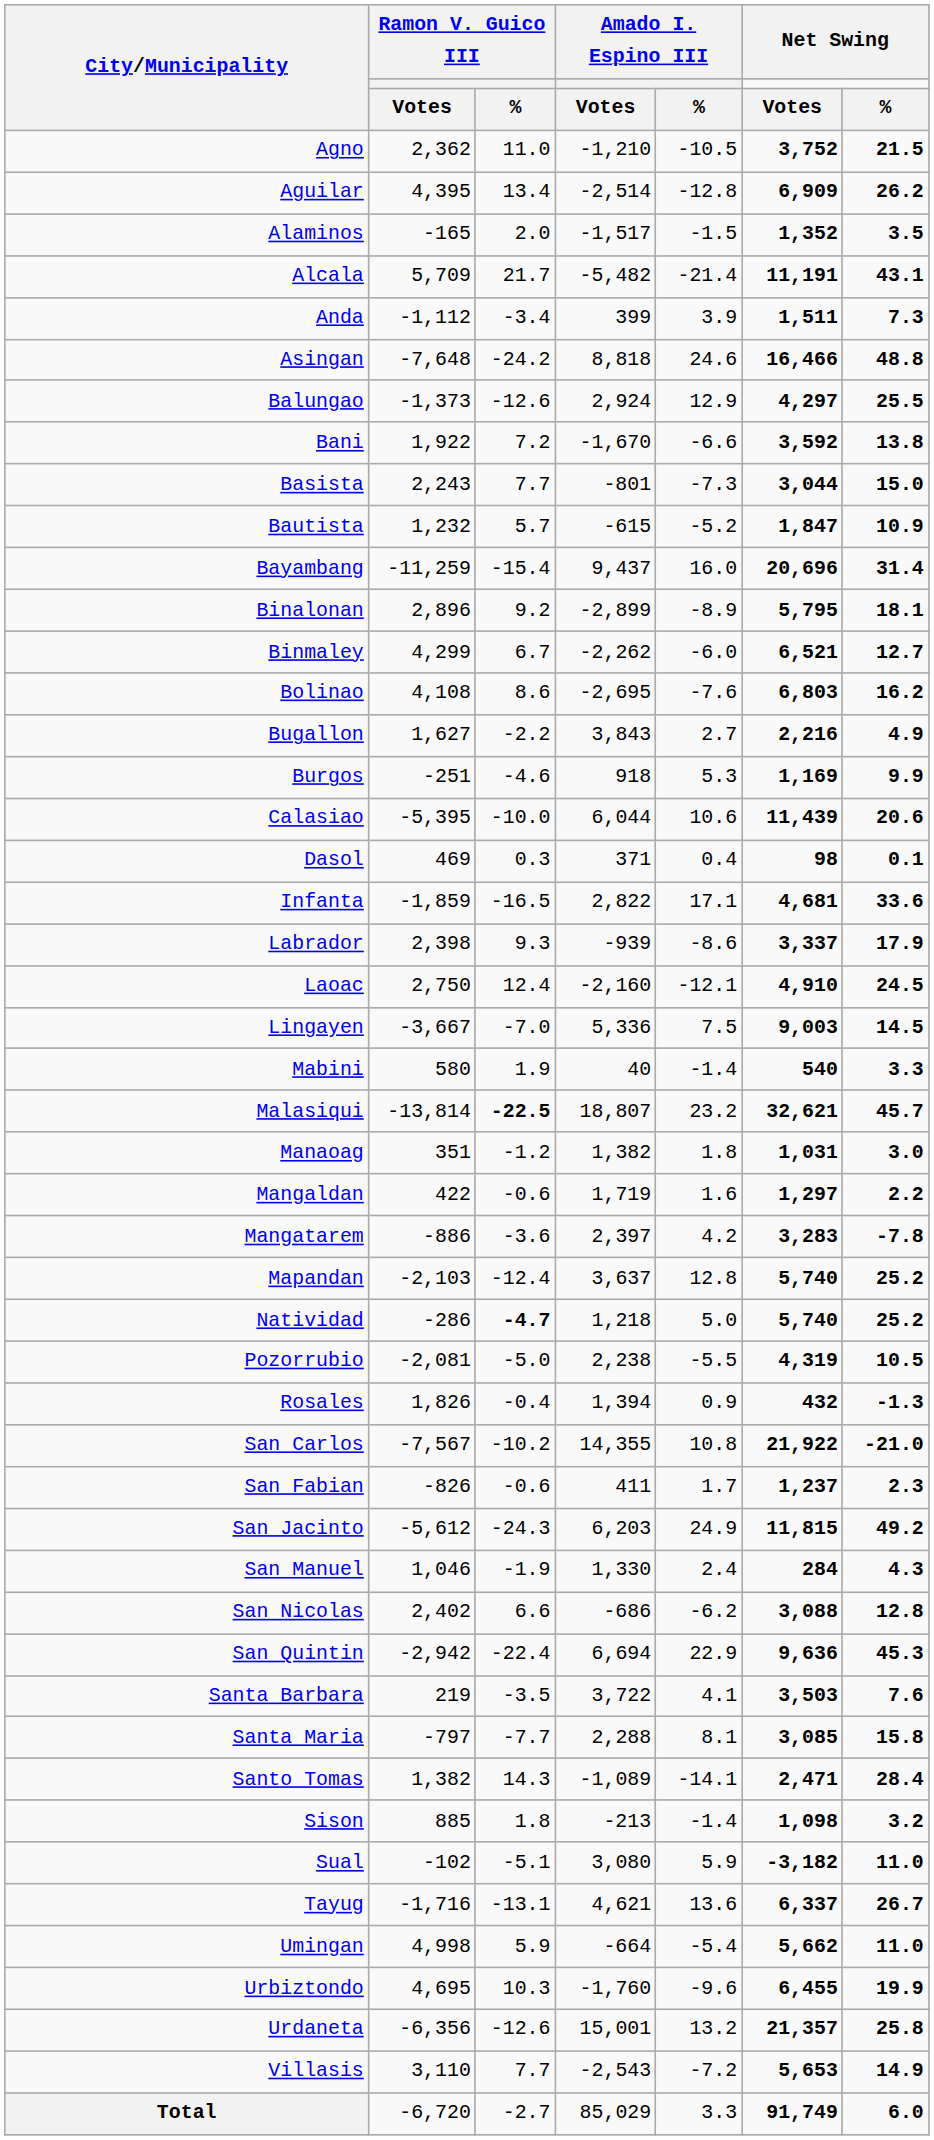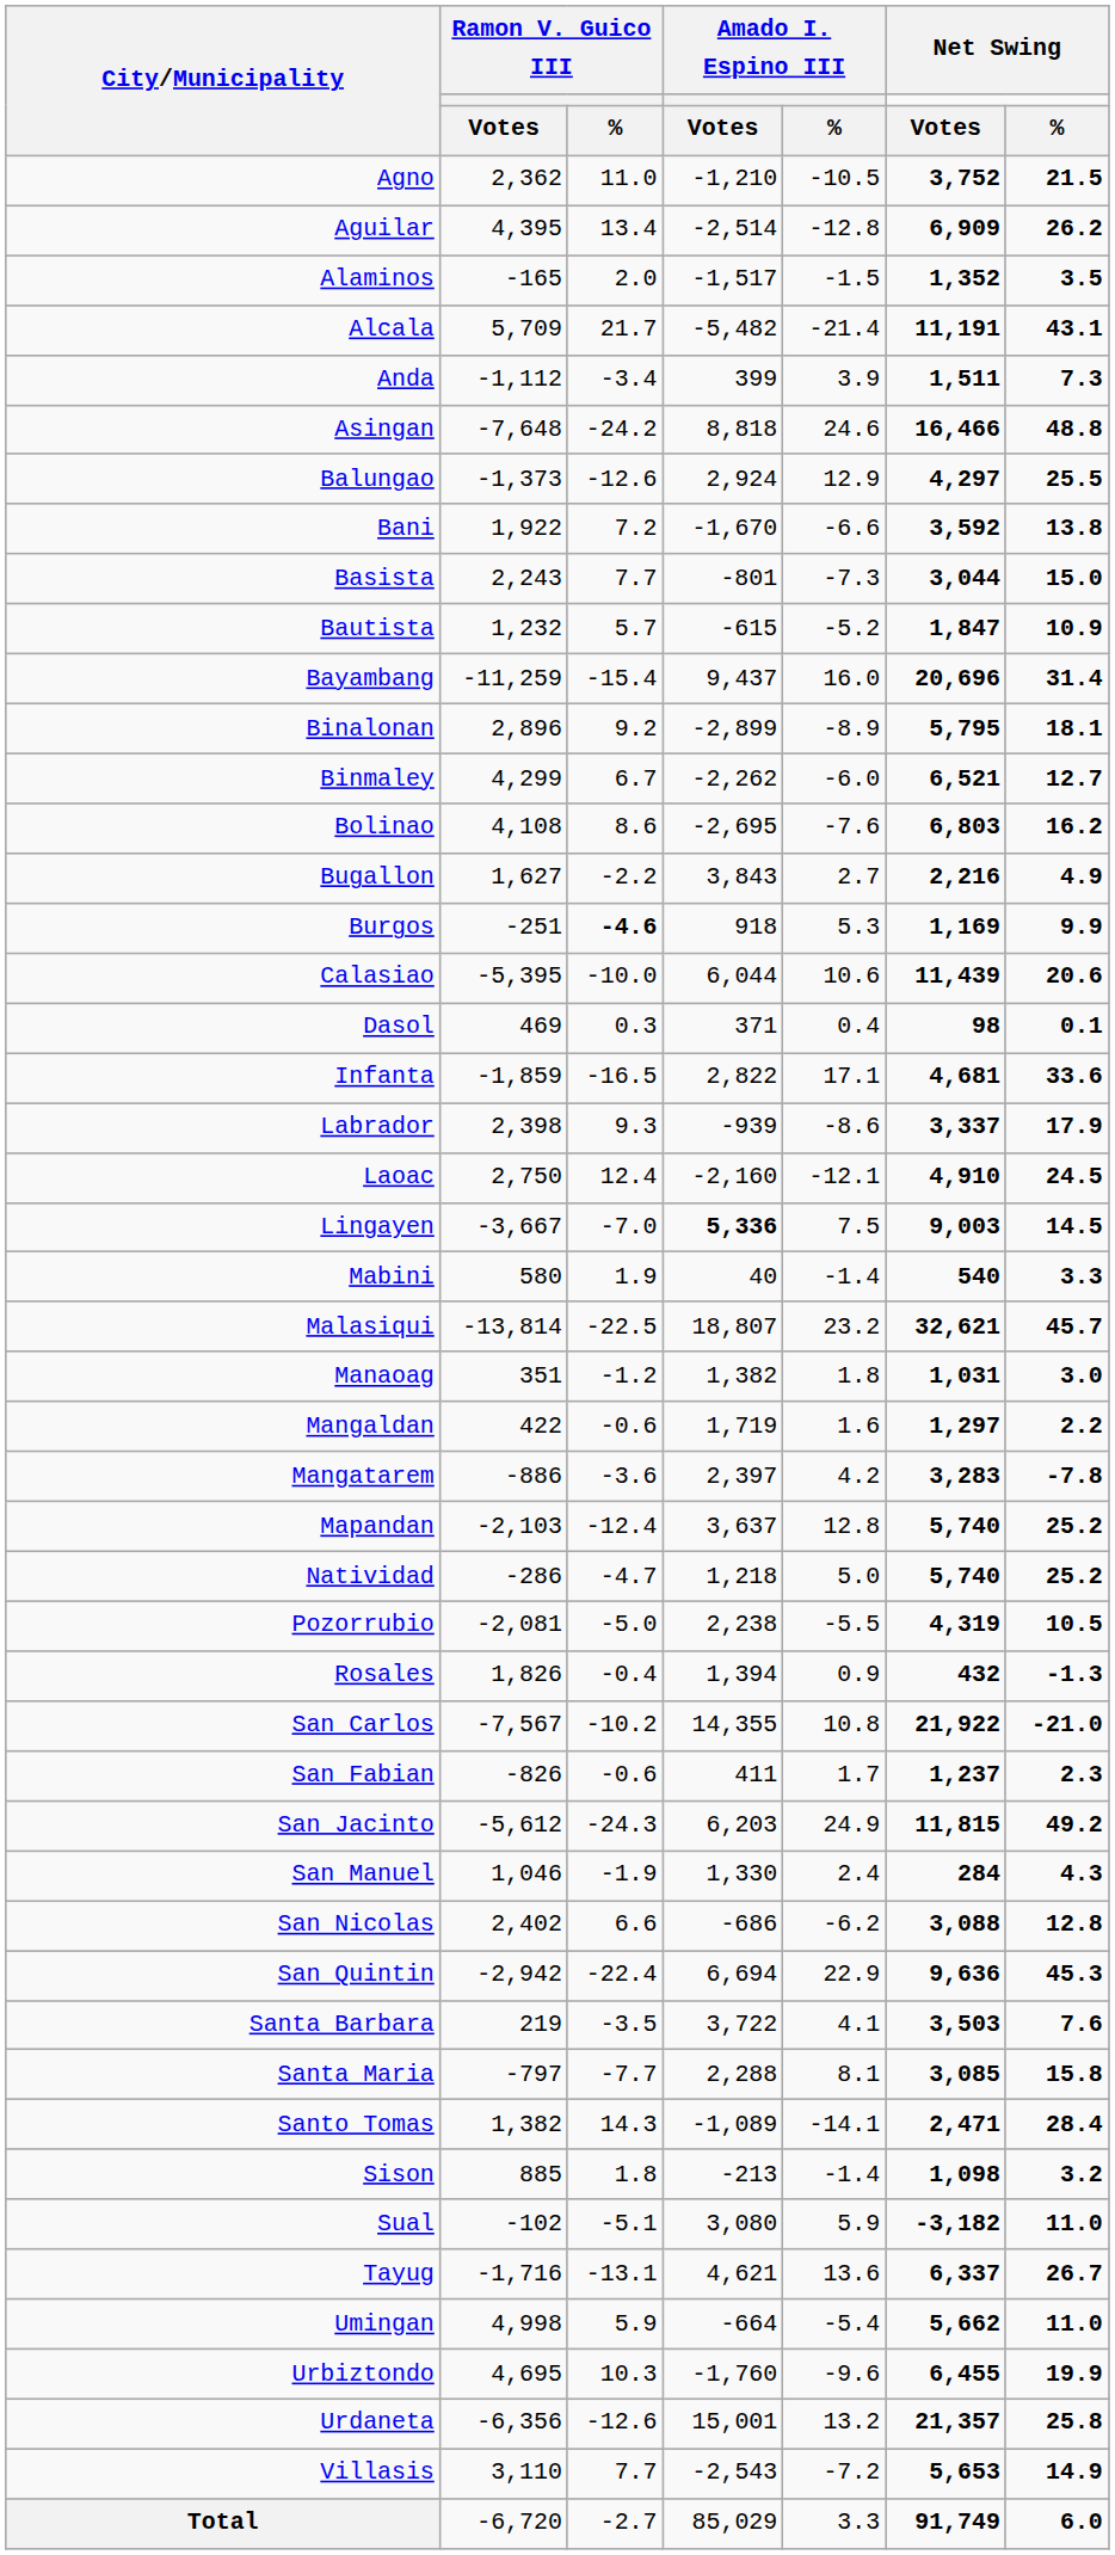 <table class="wikitable collapsible collapsed" style="text-align:right; font-size:95%; line-height:20px;">
 <tr>
 <th rowspan="3" width="220"><a href='#'>City</a>/<a href='#'>Municipality</a></th>
 <th colspan="2" width="110"><a href='#'>Ramon V. Guico III</a></th>
 <th colspan="2" width="110"><a href='#'>Amado I. Espino III</a></th>
 <th colspan="2" width="110">Net Swing</th>
 </tr>
 <tr>
 <th colspan="2" style="background:"></th>
 <th colspan="2" style="background:"></th>
 </tr>
 <tr>
 <th>Votes</th>
 <th>%</th>
 <th>Votes</th>
 <th>%</th>
 <th>Votes</th>
 <th>%</th>
 </tr>
 <tr>
 <td scope="row"><a href='#'>Agno</a></td>
 <td>2,362</td>
 <td>11.0</td>
 <td>-1,210</td>
 <td>-10.5</td>
 <td style="background:"><strong>3,752</strong></td>
 <td style="background:"><strong>21.5</strong></td>
 </tr>
 <tr>
 <td scope="row"><a href='#'>Aguilar</a></td>
 <td>4,395</td>
 <td>13.4</td>
 <td>-2,514</td>
 <td>-12.8</td>
 <td style="background:"><strong>6,909</strong></td>
 <td style="background:"><strong>26.2</strong></td>
 </tr>
 <tr>
 <td scope="row"><a href='#'>Alaminos</a></td>
 <td>-165</td>
 <td>2.0</td>
 <td>-1,517</td>
 <td>-1.5</td>
 <td style="background:"><strong>1,352</strong></td>
 <td style="background:"><strong>3.5</strong></td>
 </tr>
 <tr>
 <td scope="row"><a href='#'>Alcala</a></td>
 <td>5,709</td>
 <td>21.7</td>
 <td>-5,482</td>
 <td>-21.4</td>
 <td style="background:"><strong>11,191</strong></td>
 <td style="background:"><strong>43.1</strong></td>
 </tr>
 <tr>
 <td scope="row"><a href='#'>Anda</a></td>
 <td>-1,112</td>
 <td>-3.4</td>
 <td>399</td>
 <td>3.9</td>
 <td style="background:"><strong>1,511</strong></td>
 <td style="background:"><strong>7.3</strong></td>
 </tr>
 <tr>
 <td scope="row"><a href='#'>Asingan</a></td>
 <td>-7,648</td>
 <td>-24.2</td>
 <td>8,818</td>
 <td>24.6</td>
 <td style="background:"><strong>16,466</strong></td>
 <td style="background:"><strong>48.8</strong></td>
 </tr>
 <tr>
 <td scope="row"><a href='#'>Balungao</a></td>
 <td>-1,373</td>
 <td>-12.6</td>
 <td>2,924</td>
 <td>12.9</td>
 <td style="background:"><strong>4,297</strong></td>
 <td style="background:"><strong>25.5</strong></td>
 </tr>
 <tr>
 <td scope="row"><a href='#'>Bani</a></td>
 <td>1,922</td>
 <td>7.2</td>
 <td>-1,670</td>
 <td>-6.6</td>
 <td style="background:"><strong>3,592</strong></td>
 <td style="background:"><strong>13.8</strong></td>
 </tr>
 <tr>
 <td scope="row"><a href='#'>Basista</a></td>
 <td>2,243</td>
 <td>7.7</td>
 <td>-801</td>
 <td>-7.3</td>
 <td style="background:"><strong>3,044</strong></td>
 <td style="background:"><strong>15.0</strong></td>
 </tr>
 <tr>
 <td scope="row"><a href='#'>Bautista</a></td>
 <td>1,232</td>
 <td>5.7</td>
 <td>-615</td>
 <td>-5.2</td>
 <td style="background:"><strong>1,847</strong></td>
 <td style="background:"><strong>10.9</strong></td>
 </tr>
 <tr>
 <td scope="row"><a href='#'>Bayambang</a></td>
 <td>-11,259</td>
 <td>-15.4</td>
 <td>9,437</td>
 <td>16.0</td>
 <td style="background:"><strong>20,696</strong></td>
 <td style="background:"><strong>31.4</strong></td>
 </tr>
 <tr>
 <td scope="row"><a href='#'>Binalonan</a></td>
 <td>2,896</td>
 <td>9.2</td>
 <td>-2,899</td>
 <td>-8.9</td>
 <td style="background:"><strong>5,795</strong></td>
 <td style="background:"><strong>18.1</strong></td>
 </tr>
 <tr>
 <td scope="row"><a href='#'>Binmaley</a></td>
 <td>4,299</td>
 <td>6.7</td>
 <td>-2,262</td>
 <td>-6.0</td>
 <td style="background:"><strong>6,521</strong></td>
 <td style="background:"><strong>12.7</strong></td>
 </tr>
 <tr>
 <td scope="row"><a href='#'>Bolinao</a></td>
 <td>4,108</td>
 <td>8.6</td>
 <td>-2,695</td>
 <td>-7.6</td>
 <td style="background:"><strong>6,803</strong></td>
 <td style="background:"><strong>16.2</strong></td>
 </tr>
 <tr>
 <td scope="row"><a href='#'>Bugallon</a></td>
 <td>1,627</td>
 <td>-2.2</td>
 <td>3,843</td>
 <td>2.7</td>
 <td style="background:"><strong>2,216</strong></td>
 <td style="background:"><strong>4.9</strong></td>
 </tr>
 <tr>
 <td scope="row"><a href='#'>Burgos</a></td>
 <td>-251</td>
-<td>-4.6</td>
+<td><strong>-4.6</strong></td>
 <td>918</td>
 <td>5.3</td>
 <td style="background:"><strong>1,169</strong></td>
 <td style="background:"><strong>9.9</strong></td>
 </tr>
 <tr>
 <td scope="row"><a href='#'>Calasiao</a></td>
 <td>-5,395</td>
 <td>-10.0</td>
 <td>6,044</td>
 <td>10.6</td>
 <td style="background:"><strong>11,439</strong></td>
 <td style="background:"><strong>20.6</strong></td>
 </tr>
 <tr>
 <td scope="row"><a href='#'>Dasol</a></td>
 <td>469</td>
 <td>0.3</td>
 <td>371</td>
 <td>0.4</td>
 <td style="background:"><strong>98</strong></td>
 <td style="background:"><strong>0.1</strong></td>
 </tr>
 <tr>
 <td scope="row"><a href='#'>Infanta</a></td>
 <td>-1,859</td>
 <td>-16.5</td>
 <td>2,822</td>
 <td>17.1</td>
 <td style="background:"><strong>4,681</strong></td>
 <td style="background:"><strong>33.6</strong></td>
 </tr>
 <tr>
 <td scope="row"><a href='#'>Labrador</a></td>
 <td>2,398</td>
 <td>9.3</td>
 <td>-939</td>
 <td>-8.6</td>
 <td style="background:"><strong>3,337</strong></td>
 <td style="background:"><strong>17.9</strong></td>
 </tr>
 <tr>
 <td scope="row"><a href='#'>Laoac</a></td>
 <td>2,750</td>
 <td>12.4</td>
 <td>-2,160</td>
 <td>-12.1</td>
 <td style="background:"><strong>4,910</strong></td>
 <td style="background:"><strong>24.5</strong></td>
 </tr>
 <tr>
 <td scope="row"><a href='#'>Lingayen</a></td>
 <td>-3,667</td>
 <td>-7.0</td>
-<td>5,336</td>
+<td><strong>5,336</strong></td>
 <td>7.5</td>
 <td style="background:"><strong>9,003</strong></td>
 <td style="background:"><strong>14.5</strong></td>
 </tr>
 <tr>
 <td scope="row"><a href='#'>Mabini</a></td>
 <td>580</td>
 <td>1.9</td>
 <td>40</td>
 <td>-1.4</td>
 <td style="background:"><strong>540</strong></td>
 <td style="background:"><strong>3.3</strong></td>
 </tr>
 <tr>
 <td scope="row"><a href='#'>Malasiqui</a></td>
 <td>-13,814</td>
-<td><strong>-22.5</strong></td>
+<td>-22.5</td>
 <td>18,807</td>
 <td>23.2</td>
 <td style="background:"><strong>32,621</strong></td>
 <td style="background:"><strong>45.7</strong></td>
 </tr>
 <tr>
 <td scope="row"><a href='#'>Manaoag</a></td>
 <td>351</td>
 <td>-1.2</td>
 <td>1,382</td>
 <td>1.8</td>
 <td style="background:"><strong>1,031</strong></td>
 <td style="background:"><strong>3.0</strong></td>
 </tr>
 <tr>
 <td scope="row"><a href='#'>Mangaldan</a></td>
 <td>422</td>
 <td>-0.6</td>
 <td>1,719</td>
 <td>1.6</td>
 <td style="background:"><strong>1,297</strong></td>
 <td style="background:"><strong>2.2</strong></td>
 </tr>
 <tr>
 <td scope="row"><a href='#'>Mangatarem</a></td>
 <td>-886</td>
 <td>-3.6</td>
 <td>2,397</td>
 <td>4.2</td>
 <td style="background:"><strong>3,283</strong></td>
 <td style="background:"><strong>-7.8</strong></td>
 </tr>
 <tr>
 <td scope="row"><a href='#'>Mapandan</a></td>
 <td>-2,103</td>
 <td>-12.4</td>
 <td>3,637</td>
 <td>12.8</td>
 <td style="background:"><strong>5,740</strong></td>
 <td style="background:"><strong>25.2</strong></td>
 </tr>
 <tr>
 <td scope="row"><a href='#'>Natividad</a></td>
 <td>-286</td>
-<td><strong>-4.7</strong></td>
+<td>-4.7</td>
 <td>1,218</td>
 <td>5.0</td>
 <td style="background:"><strong>5,740</strong></td>
 <td style="background:"><strong>25.2</strong></td>
 </tr>
 <tr>
 <td scope="row"><a href='#'>Pozorrubio</a></td>
 <td>-2,081</td>
 <td>-5.0</td>
 <td>2,238</td>
 <td>-5.5</td>
 <td style="background:"><strong>4,319</strong></td>
 <td style="background:"><strong>10.5</strong></td>
 </tr>
 <tr>
 <td scope="row"><a href='#'>Rosales</a></td>
 <td>1,826</td>
 <td>-0.4</td>
 <td>1,394</td>
 <td>0.9</td>
 <td style="background:"><strong>432</strong></td>
 <td style="background:"><strong>-1.3</strong></td>
 </tr>
 <tr>
 <td scope="row"><a href='#'>San Carlos</a></td>
 <td>-7,567</td>
 <td>-10.2</td>
 <td>14,355</td>
 <td>10.8</td>
 <td style="background:"><strong>21,922</strong></td>
 <td style="background:"><strong>-21.0</strong></td>
 </tr>
 <tr>
 <td scope="row"><a href='#'>San Fabian</a></td>
 <td>-826</td>
 <td>-0.6</td>
 <td>411</td>
 <td>1.7</td>
 <td style="background:"><strong>1,237</strong></td>
 <td style="background:"><strong>2.3</strong></td>
 </tr>
 <tr>
 <td scope="row"><a href='#'>San Jacinto</a></td>
 <td>-5,612</td>
 <td>-24.3</td>
 <td>6,203</td>
 <td>24.9</td>
 <td style="background:"><strong>11,815</strong></td>
 <td style="background:"><strong>49.2</strong></td>
 </tr>
 <tr>
 <td scope="row"><a href='#'>San Manuel</a></td>
 <td>1,046</td>
 <td>-1.9</td>
 <td>1,330</td>
 <td>2.4</td>
 <td style="background:"><strong>284</strong></td>
 <td style="background:"><strong>4.3</strong></td>
 </tr>
 <tr>
 <td scope="row"><a href='#'>San Nicolas</a></td>
 <td>2,402</td>
 <td>6.6</td>
 <td>-686</td>
 <td>-6.2</td>
 <td style="background:"><strong>3,088</strong></td>
 <td style="background:"><strong>12.8</strong></td>
 </tr>
 <tr>
 <td scope="row"><a href='#'>San Quintin</a></td>
 <td>-2,942</td>
 <td>-22.4</td>
 <td>6,694</td>
 <td>22.9</td>
 <td style="background:"><strong>9,636</strong></td>
 <td style="background:"><strong>45.3</strong></td>
 </tr>
 <tr>
 <td scope="row"><a href='#'>Santa Barbara</a></td>
 <td>219</td>
 <td>-3.5</td>
 <td>3,722</td>
 <td>4.1</td>
 <td style="background:"><strong>3,503</strong></td>
 <td style="background:"><strong>7.6</strong></td>
 </tr>
 <tr>
 <td scope="row"><a href='#'>Santa Maria</a></td>
 <td>-797</td>
 <td>-7.7</td>
 <td>2,288</td>
 <td>8.1</td>
 <td style="background:"><strong>3,085</strong></td>
 <td style="background:"><strong>15.8</strong></td>
 </tr>
 <tr>
 <td scope="row"><a href='#'>Santo Tomas</a></td>
 <td>1,382</td>
 <td>14.3</td>
 <td>-1,089</td>
 <td>-14.1</td>
 <td style="background:"><strong>2,471</strong></td>
 <td style="background:"><strong>28.4</strong></td>
 </tr>
 <tr>
 <td scope="row"><a href='#'>Sison</a></td>
 <td>885</td>
 <td>1.8</td>
 <td>-213</td>
 <td>-1.4</td>
 <td style="background:"><strong>1,098</strong></td>
 <td style="background:"><strong>3.2</strong></td>
 </tr>
 <tr>
 <td scope="row"><a href='#'>Sual</a></td>
 <td>-102</td>
 <td>-5.1</td>
 <td>3,080</td>
 <td>5.9</td>
 <td style="background:"><strong>-3,182</strong></td>
 <td style="background:"><strong>11.0</strong></td>
 </tr>
 <tr>
 <td scope="row"><a href='#'>Tayug</a></td>
 <td>-1,716</td>
 <td>-13.1</td>
 <td>4,621</td>
 <td>13.6</td>
 <td style="background:"><strong>6,337</strong></td>
 <td style="background:"><strong>26.7</strong></td>
 </tr>
 <tr>
 <td scope="row"><a href='#'>Umingan</a></td>
 <td>4,998</td>
 <td>5.9</td>
 <td>-664</td>
 <td>-5.4</td>
 <td style="background:"><strong>5,662</strong></td>
 <td style="background:"><strong>11.0</strong></td>
 </tr>
 <tr>
 <td scope="row"><a href='#'>Urbiztondo</a></td>
 <td>4,695</td>
 <td>10.3</td>
 <td>-1,760</td>
 <td>-9.6</td>
 <td style="background:"><strong>6,455</strong></td>
 <td style="background:"><strong>19.9</strong></td>
 </tr>
 <tr>
 <td scope="row"><a href='#'>Urdaneta</a></td>
 <td>-6,356</td>
 <td>-12.6</td>
 <td>15,001</td>
 <td>13.2</td>
 <td style="background:"><strong>21,357</strong></td>
 <td style="background:"><strong>25.8</strong></td>
 </tr>
 <tr>
 <td scope="row"><a href='#'>Villasis</a></td>
 <td>3,110</td>
 <td>7.7</td>
 <td>-2,543</td>
 <td>-7.2</td>
 <td style="background:"><strong>5,653</strong></td>
 <td style="background:"><strong>14.9</strong></td>
 </tr>
 <tr>
 <th scope="row"><strong>Total</strong></th>
 <td>-6,720</td>
 <td>-2.7</td>
 <td>85,029</td>
 <td>3.3</td>
 <td style="background:"><strong>91,749</strong></td>
 <td style="background:"><strong>6.0</strong></td>
 </tr>
 </table>
